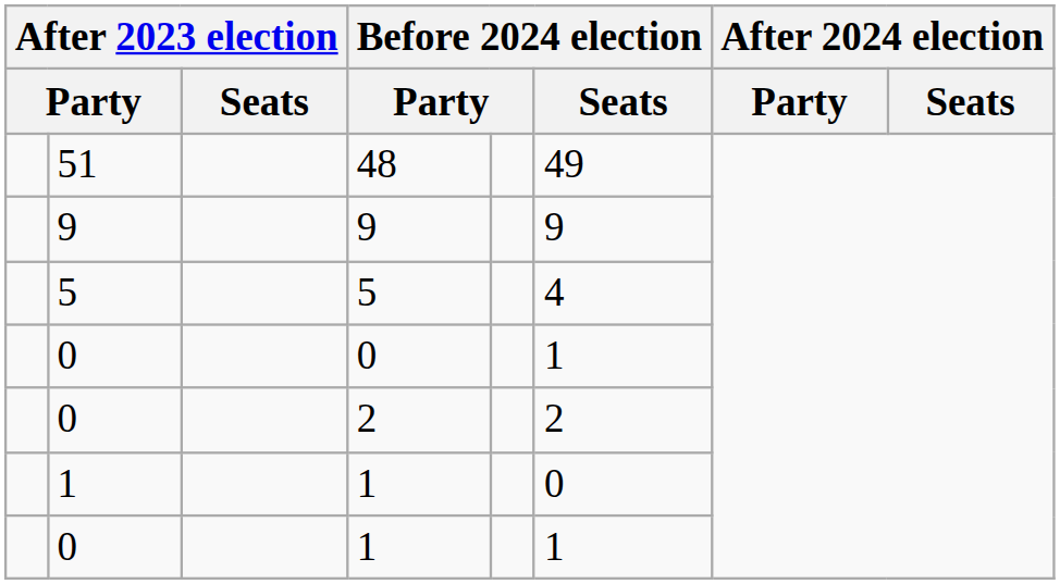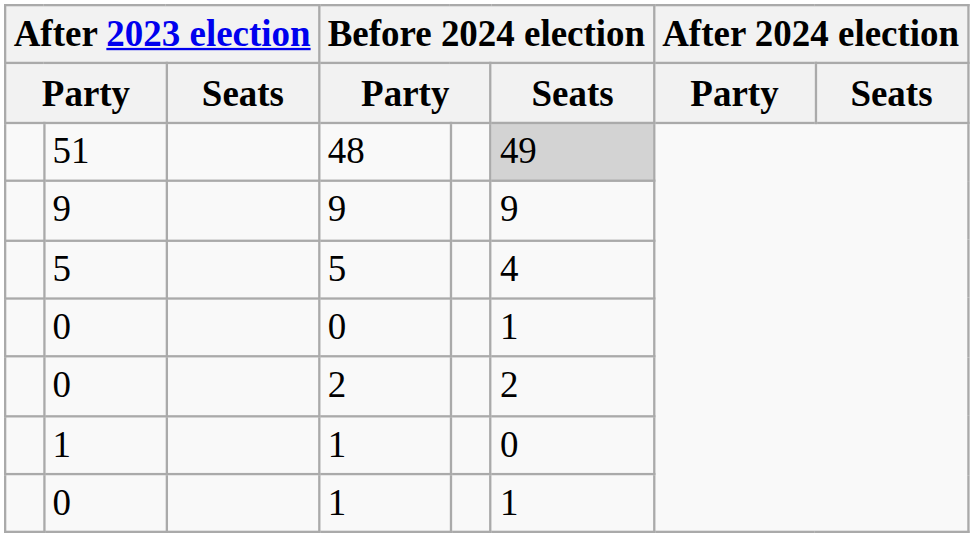 <table class="wikitable">
 <tr>
 <th colspan="3">After <a href='#'>2023 election</a></th>
 <th colspan="3">Before 2024 election</th>
 <th colspan="3">After 2024 election</th>
 </tr>
 <tr>
 <th colspan="2">Party</th>
 <th>Seats</th>
 <th colspan="2">Party</th>
 <th>Seats</th>
 <th colspan="2">Party</th>
 <th>Seats</th>
 </tr>
 <tr>
 <td></td>
 <td>51</td>
 <td></td>
 <td>48</td>
 <td></td>
-<td>49</td>
+<td style="background: lightgrey;">49</td>
 </tr>
 <tr>
 <td></td>
 <td>9</td>
 <td></td>
 <td>9</td>
 <td></td>
 <td>9</td>
 </tr>
 <tr>
 <td></td>
 <td>5</td>
 <td></td>
 <td>5</td>
 <td></td>
 <td>4</td>
 </tr>
 <tr>
 <td></td>
 <td>0</td>
 <td></td>
 <td>0</td>
 <td></td>
 <td>1</td>
 </tr>
 <tr>
 <td></td>
 <td>0</td>
 <td></td>
 <td>2</td>
 <td></td>
 <td>2</td>
 </tr>
 <tr>
 <td></td>
 <td>1</td>
 <td></td>
 <td>1</td>
 <td></td>
 <td>0</td>
 </tr>
 <tr>
 <td></td>
 <td>0</td>
 <td></td>
 <td>1</td>
 <td></td>
 <td>1</td>
 </tr>
 </table>
